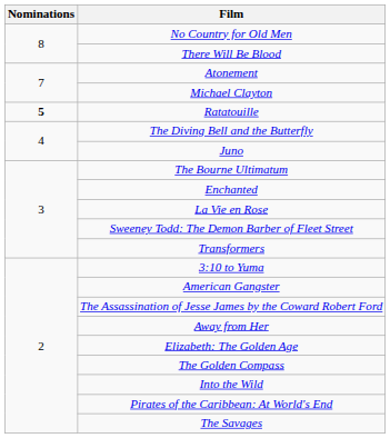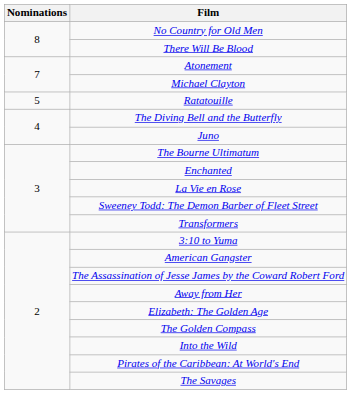 <table class="wikitable" style="text-align: center;">
 <tr>
 <th scope="col" width="55">Nominations</th>
 <th scope="col" align="center">Film</th>
 </tr>
 <tr>
 <td rowspan=2 style="text-align: center;">8</td>
 <td><em><a href='#'>No Country for Old Men</a></em></td>
 </tr>
 <tr>
 <td><em><a href='#'>There Will Be Blood</a></em></td>
 </tr>
 <tr>
 <td rowspan=2 style="text-align: center;">7</td>
 <td><em><a href='#'>Atonement</a></em></td>
 </tr>
 <tr>
 <td><em><a href='#'>Michael Clayton</a></em></td>
 </tr>
 <tr>
-<td style="text-align: center;"><strong>5</strong></td>
+<td style="text-align: center;">5</td>
 <td><em><a href='#'>Ratatouille</a></em></td>
 </tr>
 <tr>
 <td rowspan=2 style="text-align: center;">4</td>
 <td><em><a href='#'>The Diving Bell and the Butterfly</a></em></td>
 </tr>
 <tr>
 <td><em><a href='#'>Juno</a></em></td>
 </tr>
 <tr>
 <td rowspan=5 style="text-align: center;">3</td>
 <td><em><a href='#'>The Bourne Ultimatum</a></em></td>
 </tr>
 <tr>
 <td><em><a href='#'>Enchanted</a></em></td>
 </tr>
 <tr>
 <td><em><a href='#'>La Vie en Rose</a></em></td>
 </tr>
 <tr>
 <td><em><a href='#'>Sweeney Todd: The Demon Barber of Fleet Street</a></em></td>
 </tr>
 <tr>
 <td><em><a href='#'>Transformers</a></em></td>
 </tr>
 <tr>
 <td rowspan=9 style="text-align: center;">2</td>
 <td><em><a href='#'>3:10 to Yuma</a></em></td>
 </tr>
 <tr>
 <td><em><a href='#'>American Gangster</a></em></td>
 </tr>
 <tr>
 <td><em><a href='#'>The Assassination of Jesse James by the Coward Robert Ford</a></em></td>
 </tr>
 <tr>
 <td><em><a href='#'>Away from Her</a></em></td>
 </tr>
 <tr>
 <td><em><a href='#'>Elizabeth: The Golden Age</a></em></td>
 </tr>
 <tr>
 <td><em><a href='#'>The Golden Compass</a></em></td>
 </tr>
 <tr>
 <td><em><a href='#'>Into the Wild</a></em></td>
 </tr>
 <tr>
 <td><em><a href='#'>Pirates of the Caribbean: At World's End</a></em></td>
 </tr>
 <tr>
 <td><em><a href='#'>The Savages</a></em></td>
 </tr>
 </table>
